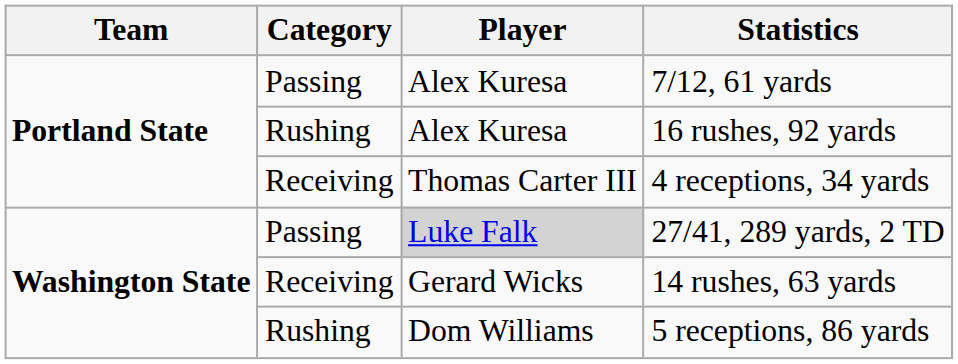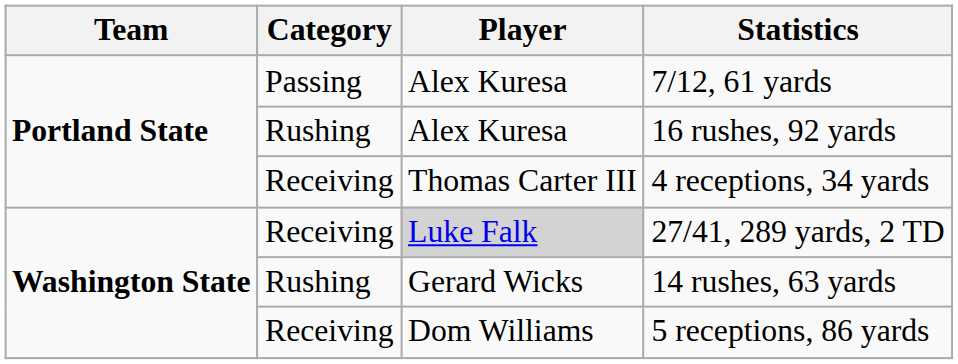 <table class="wikitable" style="float: right;">
 <tr>
 <th>Team</th>
 <th>Category</th>
 <th>Player</th>
 <th>Statistics</th>
 </tr>
 <tr>
 <td rowspan=3><strong>Portland State</strong></td>
 <td>Passing</td>
 <td>Alex Kuresa</td>
 <td>7/12, 61 yards</td>
 </tr>
 <tr>
 <td>Rushing</td>
 <td>Alex Kuresa</td>
 <td>16 rushes, 92 yards</td>
 </tr>
 <tr>
 <td>Receiving</td>
 <td>Thomas Carter III</td>
 <td>4 receptions, 34 yards</td>
 </tr>
 <tr>
 <td rowspan=3><strong>Washington State</strong></td>
-<td>Passing</td>
+<td>Receiving</td>
 <td style="background: lightgrey;"><a href='#'>Luke Falk</a></td>
 <td>27/41, 289 yards, 2 TD</td>
 </tr>
 <tr>
-<td>Receiving</td>
+<td>Rushing</td>
 <td>Gerard Wicks</td>
 <td>14 rushes, 63 yards</td>
 </tr>
 <tr>
-<td>Rushing</td>
+<td>Receiving</td>
 <td>Dom Williams</td>
 <td>5 receptions, 86 yards</td>
 </tr>
 </table>
